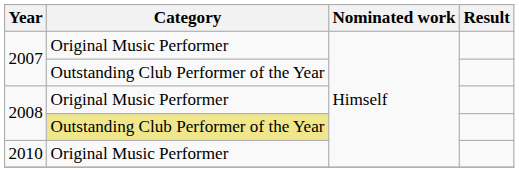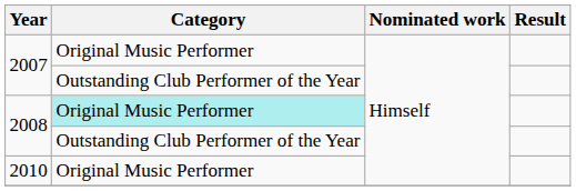 <table class="wikitable">
 <tr>
 <th>Year</th>
 <th>Category</th>
 <th>Nominated work</th>
 <th>Result</th>
 </tr>
 <tr>
 <td rowspan="2">2007</td>
 <td>Original Music Performer</td>
 <td rowspan="5">Himself</td>
 <td></td>
 </tr>
 <tr>
 <td>Outstanding Club Performer of the Year</td>
 <td></td>
 </tr>
 <tr>
 <td rowspan=2>2008</td>
-<td>Original Music Performer</td>
+<td style="background: paleturquoise;">Original Music Performer</td>
 <td></td>
 </tr>
 <tr>
-<td style="background: khaki;">Outstanding Club Performer of the Year</td>
+<td>Outstanding Club Performer of the Year</td>
 <td></td>
 </tr>
 <tr>
 <td>2010</td>
 <td>Original Music Performer</td>
 <td></td>
 </tr>
 <tr>
 </tr>
 </table>
